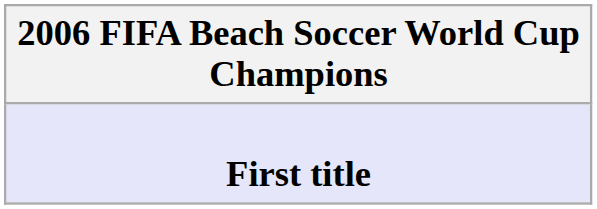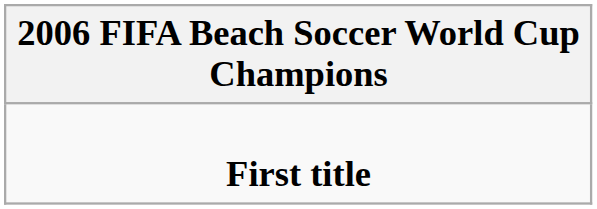 <table class="wikitable" style="text-align: center">
 <tr>
 <th width=250><strong>2006 FIFA Beach Soccer World Cup<br>Champions</strong></th>
 </tr>
 <tr>
-<td style="background: lavender;"><strong></strong><br><strong>First title</strong><br></td>
+<td><strong></strong><br><strong>First title</strong><br></td>
 </tr>
 </table>
